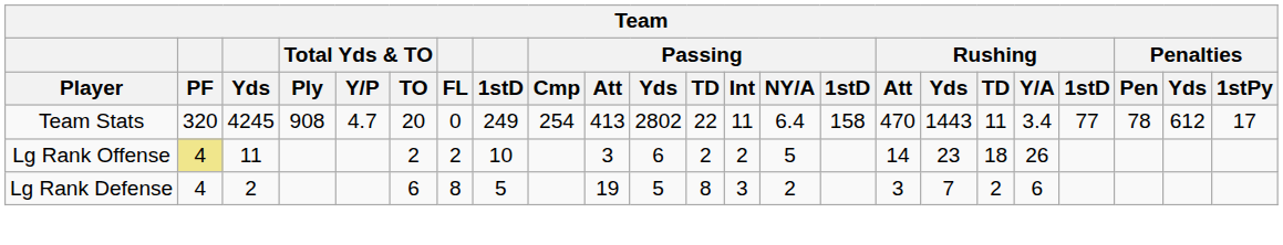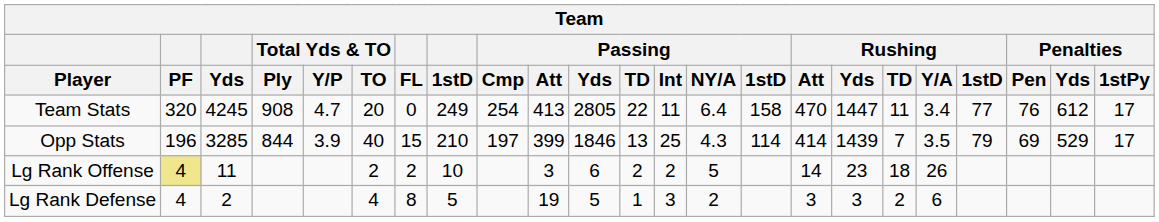 <table class="wikitable" style="text-align:center">
 <tr>
 <th colspan="23">Team</th>
 </tr>
 <tr>
 <th></th>
 <th></th>
 <th></th>
 <th colspan="3">Total Yds & TO</th>
 <th></th>
 <th></th>
 <th colspan="7">Passing</th>
 <th colspan="5">Rushing</th>
 <th colspan="3">Penalties</th>
 </tr>
 <tr>
 <th>Player</th>
 <th>PF</th>
 <th>Yds</th>
 <th>Ply</th>
 <th>Y/P</th>
 <th>TO</th>
 <th>FL</th>
 <th>1stD</th>
 <th>Cmp</th>
 <th>Att</th>
 <th>Yds</th>
 <th>TD</th>
 <th>Int</th>
 <th>NY/A</th>
 <th>1stD</th>
 <th>Att</th>
 <th>Yds</th>
 <th>TD</th>
 <th>Y/A</th>
 <th>1stD</th>
 <th>Pen</th>
 <th>Yds</th>
 <th>1stPy</th>
 </tr>
 <tr>
 <td>Team Stats</td>
 <td>320</td>
 <td>4245</td>
 <td>908</td>
 <td>4.7</td>
 <td>20</td>
 <td>0</td>
 <td>249</td>
 <td>254</td>
 <td>413</td>
-<td>2802</td>
+<td>2805</td>
 <td>22</td>
 <td>11</td>
 <td>6.4</td>
 <td>158</td>
 <td>470</td>
-<td>1443</td>
+<td>1447</td>
 <td>11</td>
 <td>3.4</td>
 <td>77</td>
-<td>78</td>
+<td>76</td>
 <td>612</td>
+<td>17</td>
+</tr>
+<tr>
+<td>Opp Stats</td>
+<td>196</td>
+<td>3285</td>
+<td>844</td>
+<td>3.9</td>
+<td>40</td>
+<td>15</td>
+<td>210</td>
+<td>197</td>
+<td>399</td>
+<td>1846</td>
+<td>13</td>
+<td>25</td>
+<td>4.3</td>
+<td>114</td>
+<td>414</td>
+<td>1439</td>
+<td>7</td>
+<td>3.5</td>
+<td>79</td>
+<td>69</td>
+<td>529</td>
 <td>17</td>
 </tr>
 <tr>
 <td>Lg Rank Offense</td>
 <td style="background: khaki;">4</td>
 <td>11</td>
 <td></td>
 <td></td>
 <td>2</td>
 <td>2</td>
 <td>10</td>
 <td></td>
 <td>3</td>
 <td>6</td>
 <td>2</td>
 <td>2</td>
 <td>5</td>
 <td></td>
 <td>14</td>
 <td>23</td>
 <td>18</td>
 <td>26</td>
 <td></td>
 <td></td>
 <td></td>
 <td></td>
 </tr>
 <tr>
 <td>Lg Rank Defense</td>
 <td>4</td>
 <td>2</td>
 <td></td>
 <td></td>
-<td>6</td>
+<td>4</td>
 <td>8</td>
 <td>5</td>
 <td></td>
 <td>19</td>
 <td>5</td>
-<td>8</td>
+<td>1</td>
 <td>3</td>
 <td>2</td>
 <td></td>
 <td>3</td>
-<td>7</td>
+<td>3</td>
 <td>2</td>
 <td>6</td>
 <td></td>
 <td></td>
 <td></td>
 <td></td>
 </tr>
 </table>
